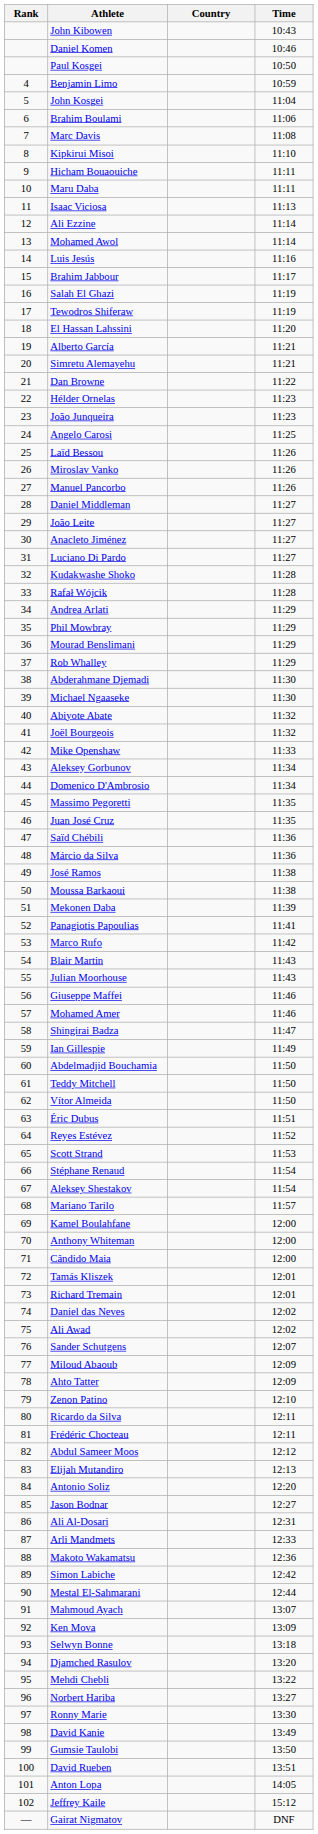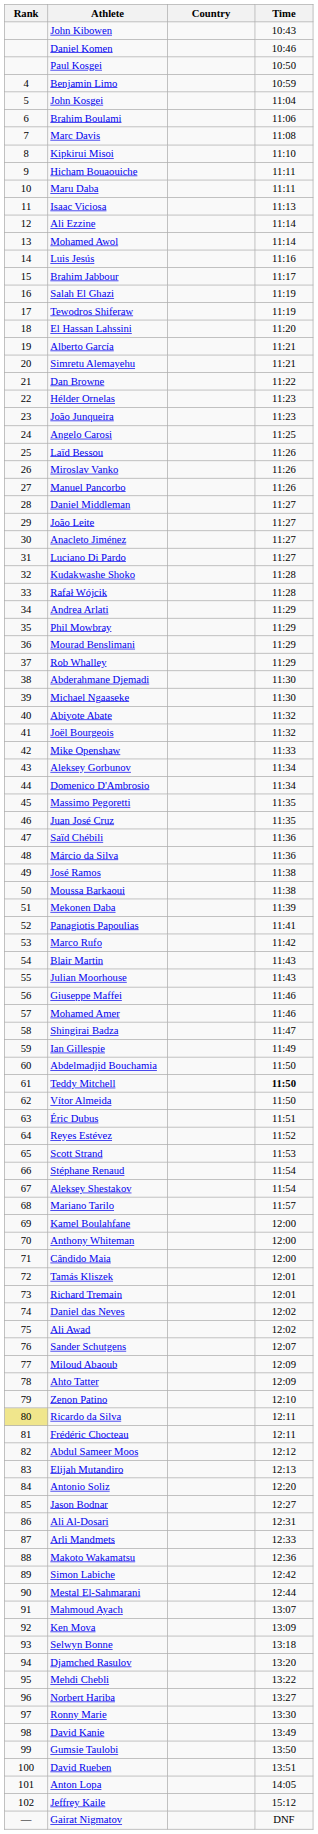 <table class="wikitable sortable" style=" text-align:center; font-size:95%;" width="50%">
 <tr>
 <th width=5%>Rank</th>
 <th width=20%>Athlete</th>
 <th width=15%>Country</th>
 <th width=10%>Time</th>
 </tr>
 <tr>
 <td align=center></td>
 <td align=left><a href='#'>John Kibowen</a></td>
 <td align=left></td>
 <td>10:43</td>
 </tr>
 <tr>
 <td align=center></td>
 <td align=left><a href='#'>Daniel Komen</a></td>
 <td align=left></td>
 <td>10:46</td>
 </tr>
 <tr>
 <td align=center></td>
 <td align=left><a href='#'>Paul Kosgei</a></td>
 <td align=left></td>
 <td>10:50</td>
 </tr>
 <tr>
 <td align=center>4</td>
 <td align=left><a href='#'>Benjamin Limo</a></td>
 <td align=left></td>
 <td>10:59</td>
 </tr>
 <tr>
 <td align=center>5</td>
 <td align=left><a href='#'>John Kosgei</a></td>
 <td align=left></td>
 <td>11:04</td>
 </tr>
 <tr>
 <td align=center>6</td>
 <td align=left><a href='#'>Brahim Boulami</a></td>
 <td align=left></td>
 <td>11:06</td>
 </tr>
 <tr>
 <td align=center>7</td>
 <td align=left><a href='#'>Marc Davis</a></td>
 <td align=left></td>
 <td>11:08</td>
 </tr>
 <tr>
 <td align=center>8</td>
 <td align=left><a href='#'>Kipkirui Misoi</a></td>
 <td align=left></td>
 <td>11:10</td>
 </tr>
 <tr>
 <td align=center>9</td>
 <td align=left><a href='#'>Hicham Bouaouiche</a></td>
 <td align=left></td>
 <td>11:11</td>
 </tr>
 <tr>
 <td align=center>10</td>
 <td align=left><a href='#'>Maru Daba</a></td>
 <td align=left></td>
 <td>11:11</td>
 </tr>
 <tr>
 <td align=center>11</td>
 <td align=left><a href='#'>Isaac Viciosa</a></td>
 <td align=left></td>
 <td>11:13</td>
 </tr>
 <tr>
 <td align=center>12</td>
 <td align=left><a href='#'>Ali Ezzine</a></td>
 <td align=left></td>
 <td>11:14</td>
 </tr>
 <tr>
 <td align=center>13</td>
 <td align=left><a href='#'>Mohamed Awol</a></td>
 <td align=left></td>
 <td>11:14</td>
 </tr>
 <tr>
 <td align=center>14</td>
 <td align=left><a href='#'>Luis Jesús</a></td>
 <td align=left></td>
 <td>11:16</td>
 </tr>
 <tr>
 <td align=center>15</td>
 <td align=left><a href='#'>Brahim Jabbour</a></td>
 <td align=left></td>
 <td>11:17</td>
 </tr>
 <tr>
 <td align=center>16</td>
 <td align=left><a href='#'>Salah El Ghazi</a></td>
 <td align=left></td>
 <td>11:19</td>
 </tr>
 <tr>
 <td align=center>17</td>
 <td align=left><a href='#'>Tewodros Shiferaw</a></td>
 <td align=left></td>
 <td>11:19</td>
 </tr>
 <tr>
 <td align=center>18</td>
 <td align=left><a href='#'>El Hassan Lahssini</a></td>
 <td align=left></td>
 <td>11:20</td>
 </tr>
 <tr>
 <td align=center>19</td>
 <td align=left><a href='#'>Alberto García</a></td>
 <td align=left></td>
 <td>11:21</td>
 </tr>
 <tr>
 <td align=center>20</td>
 <td align=left><a href='#'>Simretu Alemayehu</a></td>
 <td align=left></td>
 <td>11:21</td>
 </tr>
 <tr>
 <td align=center>21</td>
 <td align=left><a href='#'>Dan Browne</a></td>
 <td align=left></td>
 <td>11:22</td>
 </tr>
 <tr>
 <td align=center>22</td>
 <td align=left><a href='#'>Hélder Ornelas</a></td>
 <td align=left></td>
 <td>11:23</td>
 </tr>
 <tr>
 <td align=center>23</td>
 <td align=left><a href='#'>João Junqueira</a></td>
 <td align=left></td>
 <td>11:23</td>
 </tr>
 <tr>
 <td align=center>24</td>
 <td align=left><a href='#'>Angelo Carosi</a></td>
 <td align=left></td>
 <td>11:25</td>
 </tr>
 <tr>
 <td align=center>25</td>
 <td align=left><a href='#'>Laïd Bessou</a></td>
 <td align=left></td>
 <td>11:26</td>
 </tr>
 <tr>
 <td align=center>26</td>
 <td align=left><a href='#'>Miroslav Vanko</a></td>
 <td align=left></td>
 <td>11:26</td>
 </tr>
 <tr>
 <td align=center>27</td>
 <td align=left><a href='#'>Manuel Pancorbo</a></td>
 <td align=left></td>
 <td>11:26</td>
 </tr>
 <tr>
 <td align=center>28</td>
 <td align=left><a href='#'>Daniel Middleman</a></td>
 <td align=left></td>
 <td>11:27</td>
 </tr>
 <tr>
 <td align=center>29</td>
 <td align=left><a href='#'>João Leite</a></td>
 <td align=left></td>
 <td>11:27</td>
 </tr>
 <tr>
 <td align=center>30</td>
 <td align=left><a href='#'>Anacleto Jiménez</a></td>
 <td align=left></td>
 <td>11:27</td>
 </tr>
 <tr>
 <td align=center>31</td>
 <td align=left><a href='#'>Luciano Di Pardo</a></td>
 <td align=left></td>
 <td>11:27</td>
 </tr>
 <tr>
 <td align=center>32</td>
 <td align=left><a href='#'>Kudakwashe Shoko</a></td>
 <td align=left></td>
 <td>11:28</td>
 </tr>
 <tr>
 <td align=center>33</td>
 <td align=left><a href='#'>Rafał Wójcik</a></td>
 <td align=left></td>
 <td>11:28</td>
 </tr>
 <tr>
 <td align=center>34</td>
 <td align=left><a href='#'>Andrea Arlati</a></td>
 <td align=left></td>
 <td>11:29</td>
 </tr>
 <tr>
 <td align=center>35</td>
 <td align=left><a href='#'>Phil Mowbray</a></td>
 <td align=left></td>
 <td>11:29</td>
 </tr>
 <tr>
 <td align=center>36</td>
 <td align=left><a href='#'>Mourad Benslimani</a></td>
 <td align=left></td>
 <td>11:29</td>
 </tr>
 <tr>
 <td align=center>37</td>
 <td align=left><a href='#'>Rob Whalley</a></td>
 <td align=left></td>
 <td>11:29</td>
 </tr>
 <tr>
 <td align=center>38</td>
 <td align=left><a href='#'>Abderahmane Djemadi</a></td>
 <td align=left></td>
 <td>11:30</td>
 </tr>
 <tr>
 <td align=center>39</td>
 <td align=left><a href='#'>Michael Ngaaseke</a></td>
 <td align=left></td>
 <td>11:30</td>
 </tr>
 <tr>
 <td align=center>40</td>
 <td align=left><a href='#'>Abiyote Abate</a></td>
 <td align=left></td>
 <td>11:32</td>
 </tr>
 <tr>
 <td align=center>41</td>
 <td align=left><a href='#'>Joël Bourgeois</a></td>
 <td align=left></td>
 <td>11:32</td>
 </tr>
 <tr>
 <td align=center>42</td>
 <td align=left><a href='#'>Mike Openshaw</a></td>
 <td align=left></td>
 <td>11:33</td>
 </tr>
 <tr>
 <td align=center>43</td>
 <td align=left><a href='#'>Aleksey Gorbunov</a></td>
 <td align=left></td>
 <td>11:34</td>
 </tr>
 <tr>
 <td align=center>44</td>
 <td align=left><a href='#'>Domenico D'Ambrosio</a></td>
 <td align=left></td>
 <td>11:34</td>
 </tr>
 <tr>
 <td align=center>45</td>
 <td align=left><a href='#'>Massimo Pegoretti</a></td>
 <td align=left></td>
 <td>11:35</td>
 </tr>
 <tr>
 <td align=center>46</td>
 <td align=left><a href='#'>Juan José Cruz</a></td>
 <td align=left></td>
 <td>11:35</td>
 </tr>
 <tr>
 <td align=center>47</td>
 <td align=left><a href='#'>Saïd Chébili</a></td>
 <td align=left></td>
 <td>11:36</td>
 </tr>
 <tr>
 <td align=center>48</td>
 <td align=left><a href='#'>Márcio da Silva</a></td>
 <td align=left></td>
 <td>11:36</td>
 </tr>
 <tr>
 <td align=center>49</td>
 <td align=left><a href='#'>José Ramos</a></td>
 <td align=left></td>
 <td>11:38</td>
 </tr>
 <tr>
 <td align=center>50</td>
 <td align=left><a href='#'>Moussa Barkaoui</a></td>
 <td align=left></td>
 <td>11:38</td>
 </tr>
 <tr>
 <td align=center>51</td>
 <td align=left><a href='#'>Mekonen Daba</a></td>
 <td align=left></td>
 <td>11:39</td>
 </tr>
 <tr>
 <td align=center>52</td>
 <td align=left><a href='#'>Panagiotis Papoulias</a></td>
 <td align=left></td>
 <td>11:41</td>
 </tr>
 <tr>
 <td align=center>53</td>
 <td align=left><a href='#'>Marco Rufo</a></td>
 <td align=left></td>
 <td>11:42</td>
 </tr>
 <tr>
 <td align=center>54</td>
 <td align=left><a href='#'>Blair Martin</a></td>
 <td align=left></td>
 <td>11:43</td>
 </tr>
 <tr>
 <td align=center>55</td>
 <td align=left><a href='#'>Julian Moorhouse</a></td>
 <td align=left></td>
 <td>11:43</td>
 </tr>
 <tr>
 <td align=center>56</td>
 <td align=left><a href='#'>Giuseppe Maffei</a></td>
 <td align=left></td>
 <td>11:46</td>
 </tr>
 <tr>
 <td align=center>57</td>
 <td align=left><a href='#'>Mohamed Amer</a></td>
 <td align=left></td>
 <td>11:46</td>
 </tr>
 <tr>
 <td align=center>58</td>
 <td align=left><a href='#'>Shingirai Badza</a></td>
 <td align=left></td>
 <td>11:47</td>
 </tr>
 <tr>
 <td align=center>59</td>
 <td align=left><a href='#'>Ian Gillespie</a></td>
 <td align=left></td>
 <td>11:49</td>
 </tr>
 <tr>
 <td align=center>60</td>
 <td align=left><a href='#'>Abdelmadjid Bouchamia</a></td>
 <td align=left></td>
 <td>11:50</td>
 </tr>
 <tr>
 <td align=center>61</td>
 <td align=left><a href='#'>Teddy Mitchell</a></td>
 <td align=left></td>
-<td>11:50</td>
+<td><strong>11:50</strong></td>
 </tr>
 <tr>
 <td align=center>62</td>
 <td align=left><a href='#'>Vítor Almeida</a></td>
 <td align=left></td>
 <td>11:50</td>
 </tr>
 <tr>
 <td align=center>63</td>
 <td align=left><a href='#'>Éric Dubus</a></td>
 <td align=left></td>
 <td>11:51</td>
 </tr>
 <tr>
 <td align=center>64</td>
 <td align=left><a href='#'>Reyes Estévez</a></td>
 <td align=left></td>
 <td>11:52</td>
 </tr>
 <tr>
 <td align=center>65</td>
 <td align=left><a href='#'>Scott Strand</a></td>
 <td align=left></td>
 <td>11:53</td>
 </tr>
 <tr>
 <td align=center>66</td>
 <td align=left><a href='#'>Stéphane Renaud</a></td>
 <td align=left></td>
 <td>11:54</td>
 </tr>
 <tr>
 <td align=center>67</td>
 <td align=left><a href='#'>Aleksey Shestakov</a></td>
 <td align=left></td>
 <td>11:54</td>
 </tr>
 <tr>
 <td align=center>68</td>
 <td align=left><a href='#'>Mariano Tarilo</a></td>
 <td align=left></td>
 <td>11:57</td>
 </tr>
 <tr>
 <td align=center>69</td>
 <td align=left><a href='#'>Kamel Boulahfane</a></td>
 <td align=left></td>
 <td>12:00</td>
 </tr>
 <tr>
 <td align=center>70</td>
 <td align=left><a href='#'>Anthony Whiteman</a></td>
 <td align=left></td>
 <td>12:00</td>
 </tr>
 <tr>
 <td align=center>71</td>
 <td align=left><a href='#'>Cândido Maia</a></td>
 <td align=left></td>
 <td>12:00</td>
 </tr>
 <tr>
 <td align=center>72</td>
 <td align=left><a href='#'>Tamás Kliszek</a></td>
 <td align=left></td>
 <td>12:01</td>
 </tr>
 <tr>
 <td align=center>73</td>
 <td align=left><a href='#'>Richard Tremain</a></td>
 <td align=left></td>
 <td>12:01</td>
 </tr>
 <tr>
 <td align=center>74</td>
 <td align=left><a href='#'>Daniel das Neves</a></td>
 <td align=left></td>
 <td>12:02</td>
 </tr>
 <tr>
 <td align=center>75</td>
 <td align=left><a href='#'>Ali Awad</a></td>
 <td align=left></td>
 <td>12:02</td>
 </tr>
 <tr>
 <td align=center>76</td>
 <td align=left><a href='#'>Sander Schutgens</a></td>
 <td align=left></td>
 <td>12:07</td>
 </tr>
 <tr>
 <td align=center>77</td>
 <td align=left><a href='#'>Miloud Abaoub</a></td>
 <td align=left></td>
 <td>12:09</td>
 </tr>
 <tr>
 <td align=center>78</td>
 <td align=left><a href='#'>Ahto Tatter</a></td>
 <td align=left></td>
 <td>12:09</td>
 </tr>
 <tr>
 <td align=center>79</td>
 <td align=left><a href='#'>Zenon Patino</a></td>
 <td align=left></td>
 <td>12:10</td>
 </tr>
 <tr>
-<td align=center>80</td>
+<td align=center style="background: khaki;">80</td>
 <td align=left><a href='#'>Ricardo da Silva</a></td>
 <td align=left></td>
 <td>12:11</td>
 </tr>
 <tr>
 <td align=center>81</td>
 <td align=left><a href='#'>Frédéric Chocteau</a></td>
 <td align=left></td>
 <td>12:11</td>
 </tr>
 <tr>
 <td align=center>82</td>
 <td align=left><a href='#'>Abdul Sameer Moos</a></td>
 <td align=left></td>
 <td>12:12</td>
 </tr>
 <tr>
 <td align=center>83</td>
 <td align=left><a href='#'>Elijah Mutandiro</a></td>
 <td align=left></td>
 <td>12:13</td>
 </tr>
 <tr>
 <td align=center>84</td>
 <td align=left><a href='#'>Antonio Soliz</a></td>
 <td align=left></td>
 <td>12:20</td>
 </tr>
 <tr>
 <td align=center>85</td>
 <td align=left><a href='#'>Jason Bodnar</a></td>
 <td align=left></td>
 <td>12:27</td>
 </tr>
 <tr>
 <td align=center>86</td>
 <td align=left><a href='#'>Ali Al-Dosari</a></td>
 <td align=left></td>
 <td>12:31</td>
 </tr>
 <tr>
 <td align=center>87</td>
 <td align=left><a href='#'>Arli Mandmets</a></td>
 <td align=left></td>
 <td>12:33</td>
 </tr>
 <tr>
 <td align=center>88</td>
 <td align=left><a href='#'>Makoto Wakamatsu</a></td>
 <td align=left></td>
 <td>12:36</td>
 </tr>
 <tr>
 <td align=center>89</td>
 <td align=left><a href='#'>Simon Labiche</a></td>
 <td align=left></td>
 <td>12:42</td>
 </tr>
 <tr>
 <td align=center>90</td>
 <td align=left><a href='#'>Mestal El-Sahmarani</a></td>
 <td align=left></td>
 <td>12:44</td>
 </tr>
 <tr>
 <td align=center>91</td>
 <td align=left><a href='#'>Mahmoud Ayach</a></td>
 <td align=left></td>
 <td>13:07</td>
 </tr>
 <tr>
 <td align=center>92</td>
 <td align=left><a href='#'>Ken Mova</a></td>
 <td align=left></td>
 <td>13:09</td>
 </tr>
 <tr>
 <td align=center>93</td>
 <td align=left><a href='#'>Selwyn Bonne</a></td>
 <td align=left></td>
 <td>13:18</td>
 </tr>
 <tr>
 <td align=center>94</td>
 <td align=left><a href='#'>Djamched Rasulov</a></td>
 <td align=left></td>
 <td>13:20</td>
 </tr>
 <tr>
 <td align=center>95</td>
 <td align=left><a href='#'>Mehdi Chebli</a></td>
 <td align=left></td>
 <td>13:22</td>
 </tr>
 <tr>
 <td align=center>96</td>
 <td align=left><a href='#'>Norbert Hariba</a></td>
 <td align=left></td>
 <td>13:27</td>
 </tr>
 <tr>
 <td align=center>97</td>
 <td align=left><a href='#'>Ronny Marie</a></td>
 <td align=left></td>
 <td>13:30</td>
 </tr>
 <tr>
 <td align=center>98</td>
 <td align=left><a href='#'>David Kanie</a></td>
 <td align=left></td>
 <td>13:49</td>
 </tr>
 <tr>
 <td align=center>99</td>
 <td align=left><a href='#'>Gumsie Taulobi</a></td>
 <td align=left></td>
 <td>13:50</td>
 </tr>
 <tr>
 <td align=center>100</td>
 <td align=left><a href='#'>David Rueben</a></td>
 <td align=left></td>
 <td>13:51</td>
 </tr>
 <tr>
 <td align=center>101</td>
 <td align=left><a href='#'>Anton Lopa</a></td>
 <td align=left></td>
 <td>14:05</td>
 </tr>
 <tr>
 <td align=center>102</td>
 <td align=left><a href='#'>Jeffrey Kaile</a></td>
 <td align=left></td>
 <td>15:12</td>
 </tr>
 <tr>
 <td align=center>—</td>
 <td align=left><a href='#'>Gairat Nigmatov</a></td>
 <td align=left></td>
 <td>DNF</td>
 </tr>
 </table>
